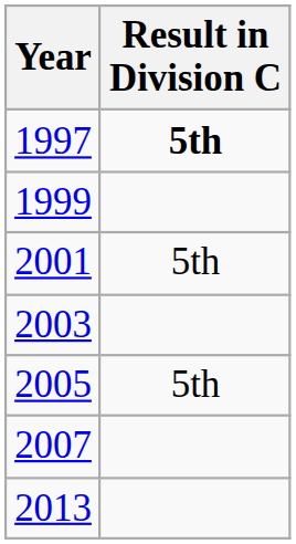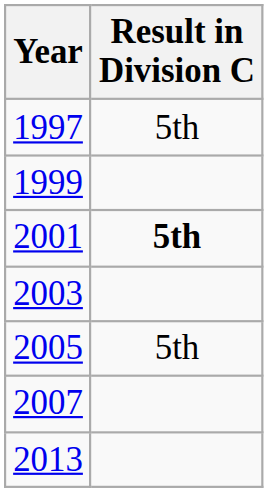 <table class="wikitable" style="text-align:center">
 <tr>
 <th>Year</th>
 <th>Result in<br>Division C</th>
 </tr>
 <tr>
 <td><a href='#'>1997</a></td>
-<td><strong>5th</strong></td>
+<td>5th</td>
 </tr>
 <tr>
 <td><a href='#'>1999</a></td>
 <td></td>
 </tr>
 <tr>
 <td><a href='#'>2001</a></td>
-<td>5th</td>
+<td><strong>5th</strong></td>
 </tr>
 <tr>
 <td><a href='#'>2003</a></td>
 <td></td>
 </tr>
 <tr>
 <td><a href='#'>2005</a></td>
 <td>5th</td>
 </tr>
 <tr>
 <td><a href='#'>2007</a></td>
 <td></td>
 </tr>
 <tr>
 <td><a href='#'>2013</a></td>
 <td></td>
 </tr>
 </table>
